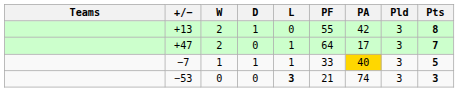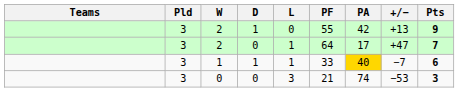 <table class="wikitable" style="text-align: center;">
 <tr>
 <th width="200">Teams</th>
-<th width="40">+/−</th>
+<th width="40">Pld</th>
 <th width="40">W</th>
 <th width="40">D</th>
 <th width="40">L</th>
 <th width="40">PF</th>
 <th width="40">PA</th>
-<th width="40">Pld</th>
+<th width="40">+/−</th>
 <th width="40">Pts</th>
 </tr>
 <tr style="background:#ccffcc;">
 <td align=left></td>
-<td>+13</td>
+<td>3</td>
 <td>2</td>
 <td>1</td>
 <td>0</td>
 <td>55</td>
 <td>42</td>
-<td>3</td>
-<td><strong>8</strong></td>
+<td>+13</td>
+<td><strong>9</strong></td>
 </tr>
 <tr style="background:#ccffcc;">
 <td align=left></td>
-<td>+47</td>
+<td>3</td>
 <td>2</td>
 <td>0</td>
 <td>1</td>
 <td>64</td>
 <td>17</td>
-<td>3</td>
+<td>+47</td>
 <td><strong>7</strong></td>
 </tr>
 <tr>
 <td align=left></td>
-<td>−7</td>
+<td>3</td>
 <td>1</td>
 <td>1</td>
 <td>1</td>
 <td>33</td>
 <td style="background: gold;">40</td>
-<td>3</td>
-<td><strong>5</strong></td>
+<td>−7</td>
+<td><strong>6</strong></td>
 </tr>
 <tr>
 <td align=left></td>
-<td>−53</td>
+<td>3</td>
 <td>0</td>
 <td>0</td>
-<td><strong>3</strong></td>
+<td>3</td>
 <td>21</td>
 <td>74</td>
-<td>3</td>
+<td>−53</td>
 <td><strong>3</strong></td>
 </tr>
 </table>
